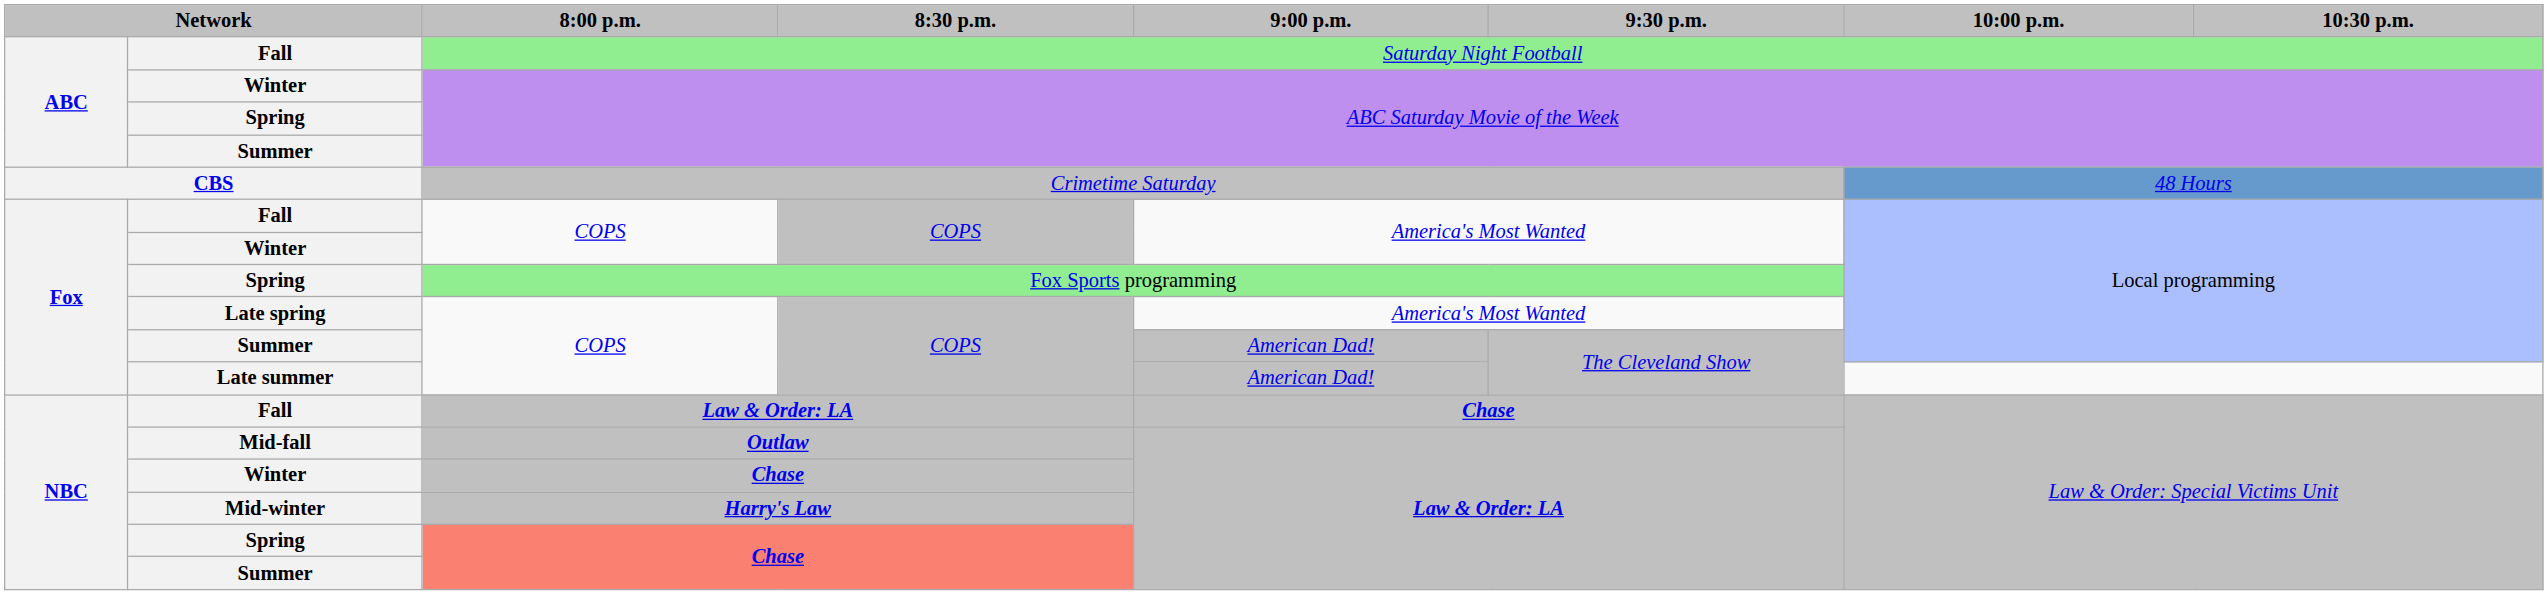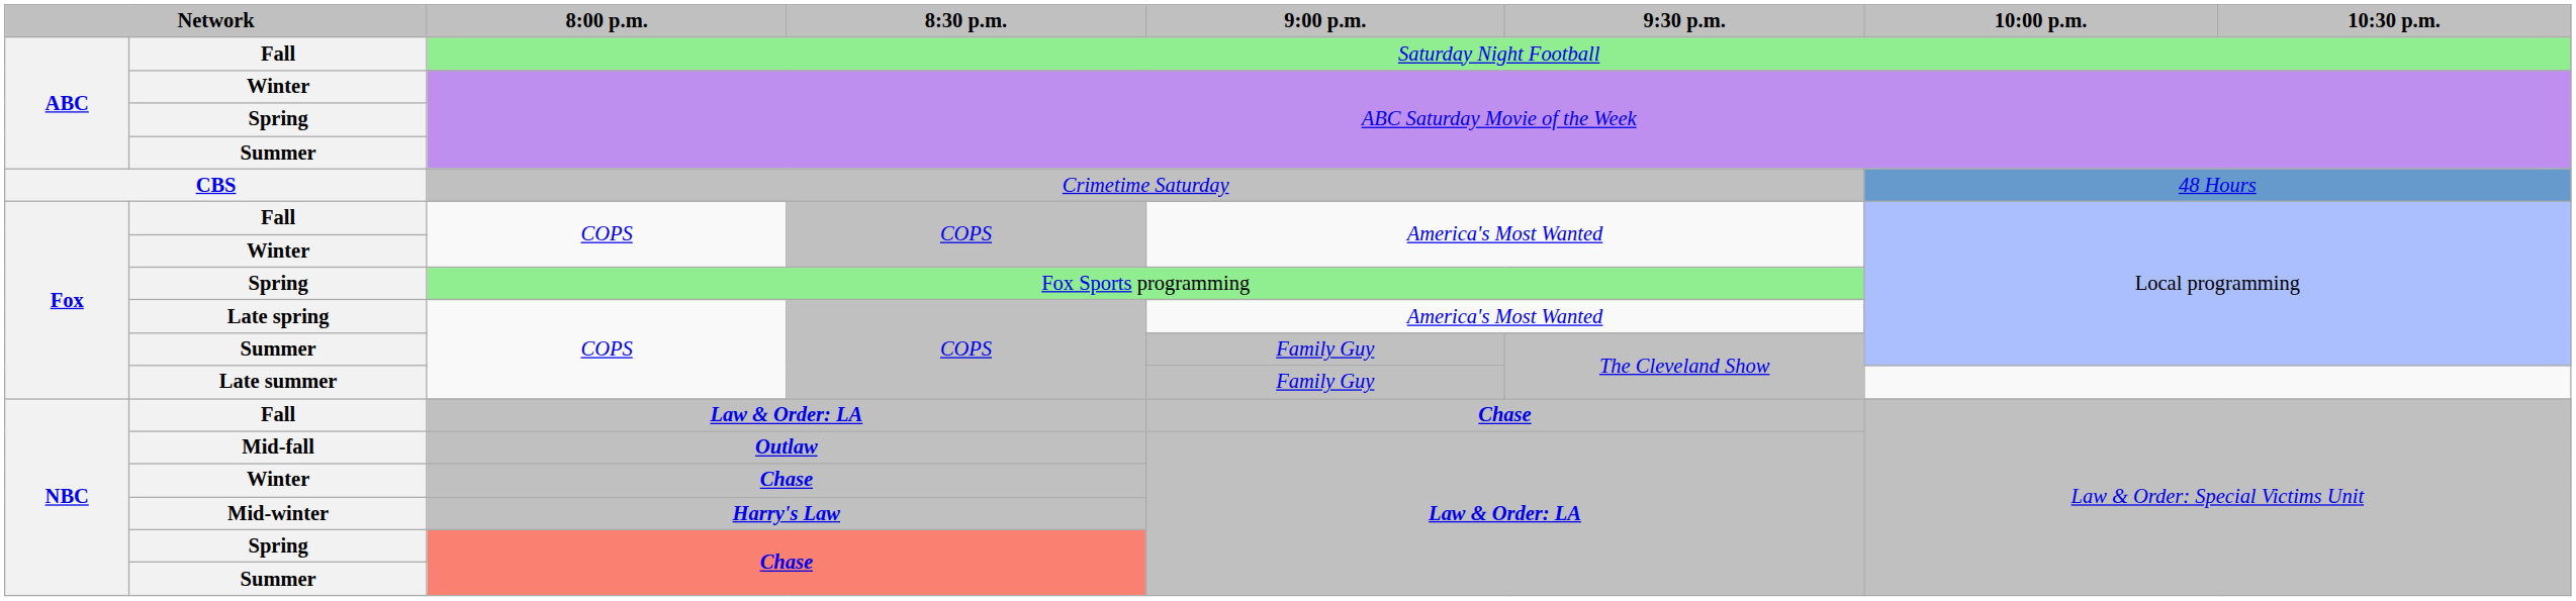 <table class="wikitable" style="width:100%;margin-right:0;text-align:center">
 <tr>
 <th colspan="2" style="background-color:#C0C0C0;text-align:center">Network</th>
 <th style="background-color:#C0C0C0;text-align:center;width:14%;">8:00 p.m.</th>
 <th style="background-color:#C0C0C0;text-align:center;width:14%;">8:30 p.m.</th>
 <th style="background-color:#C0C0C0;text-align:center;width:14%;">9:00 p.m.</th>
 <th style="background-color:#C0C0C0;text-align:center;width:14%;">9:30 p.m.</th>
 <th style="background-color:#C0C0C0;text-align:center">10:00 p.m.</th>
 <th style="background-color:#C0C0C0;text-align:center">10:30 p.m.</th>
 </tr>
 <tr>
 <th rowspan="4"><a href='#'>ABC</a></th>
 <th>Fall</th>
 <td colspan="6" style="background:lightgreen;"><em><a href='#'>Saturday Night Football</a></em> </td>
 </tr>
 <tr>
 <th>Winter</th>
 <td colspan="6" rowspan="3" style="background:#bf8fef;"><em><a href='#'>ABC Saturday Movie of the Week</a></em></td>
 </tr>
 <tr>
 <th>Spring</th>
 </tr>
 <tr>
 <th>Summer</th>
 </tr>
 <tr>
 <th colspan="2"><a href='#'>CBS</a></th>
 <td style="background:#C0C0C0;" colspan="4"><em><a href='#'>Crimetime Saturday</a></em></td>
 <td style="background:#6699CC;" colspan="2"><em><a href='#'>48 Hours</a></em></td>
 </tr>
 <tr>
 <th rowspan="6"><a href='#'>Fox</a></th>
 <th>Fall</th>
 <td rowspan="2"><em><a href='#'>COPS</a></em></td>
 <td style="background:#C0C0C0;" rowspan="2"><em><a href='#'>COPS</a></em> </td>
 <td colspan="2" rowspan="2"><em><a href='#'>America's Most Wanted</a></em></td>
 <td style="background:#abbfff;" colspan="2" rowspan="5">Local programming</td>
 </tr>
 <tr>
 <th>Winter</th>
 </tr>
 <tr>
 <th>Spring</th>
 <td colspan="4" style="background:lightgreen"><a href='#'>Fox Sports</a> programming</td>
 </tr>
 <tr>
 <th>Late spring</th>
 <td rowspan="3"><em><a href='#'>COPS</a></em></td>
 <td style="background:#C0C0C0;" rowspan="3"><em><a href='#'>COPS</a></em> </td>
 <td colspan="2"><em><a href='#'>America's Most Wanted</a></em></td>
 </tr>
 <tr>
 <th>Summer</th>
-<td style="background:#C0C0C0;"><em><a href='#'>American Dad!</a></em> </td>
+<td style="background:#C0C0C0;"><em><a href='#'>Family Guy</a></em> </td>
 <td rowspan="2" style="background:#C0C0C0;"><em><a href='#'>The Cleveland Show</a></em> </td>
 </tr>
 <tr>
 <th>Late summer</th>
-<td style="background:#C0C0C0;"><em><a href='#'>American Dad!</a></em> </td>
+<td style="background:#C0C0C0;"><em><a href='#'>Family Guy</a></em> </td>
 </tr>
 <tr>
 <th rowspan="6"><a href='#'>NBC</a></th>
 <th>Fall</th>
 <td colspan="2" style="background:#C0C0C0;"><strong><em><a href='#'>Law & Order: LA</a></em></strong> </td>
 <td colspan="2" style="background:#C0C0C0;"><strong><em><a href='#'>Chase</a></em></strong> </td>
 <td colspan="2" rowspan="6" style="background:#C0C0C0;"><em><a href='#'>Law & Order: Special Victims Unit</a></em> </td>
 </tr>
 <tr>
 <th>Mid-fall</th>
 <td colspan="2" style="background:#C0C0C0;"><strong><em><a href='#'>Outlaw</a></em></strong> </td>
 <td colspan="2" rowspan="5" style="background:#C0C0C0;"><strong><em><a href='#'>Law & Order: LA</a></em></strong> </td>
 </tr>
 <tr>
 <th>Winter</th>
 <td colspan="2" style="background:#C0C0C0;"><strong><em><a href='#'>Chase</a></em></strong> </td>
 </tr>
 <tr>
 <th>Mid-winter</th>
 <td colspan="2" style="background:#C0C0C0;"><strong><em><a href='#'>Harry's Law</a></em></strong> </td>
 </tr>
 <tr>
 <th>Spring</th>
 <td style="background:#FA8072;" colspan="2" rowspan="2"><strong><em><a href='#'>Chase</a></em></strong></td>
 </tr>
 <tr>
 <th>Summer</th>
 </tr>
 </table>
